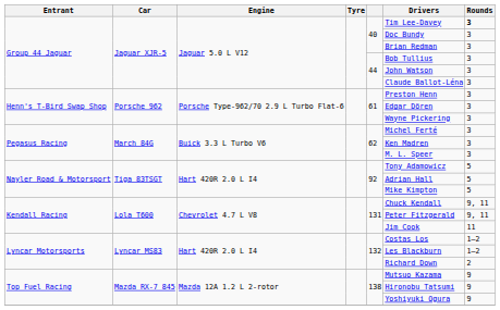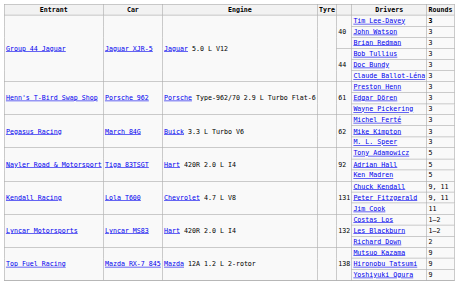 <table class="wikitable" style="font-size: 85%">
 <tr>
 <th>Entrant</th>
 <th>Car</th>
 <th>Engine</th>
 <th>Tyre</th>
 <th></th>
 <th>Drivers</th>
 <th>Rounds</th>
 </tr>
 <tr>
 <td rowspan=6> <a href='#'>Group 44 Jaguar</a></td>
 <td rowspan=6><a href='#'>Jaguar XJR-5</a></td>
 <td rowspan=6><a href='#'>Jaguar</a> 5.0 L V12</td>
 <td rowspan=6></td>
 <td rowspan=3>40</td>
 <td> <a href='#'>Tim Lee-Davey</a></td>
 <td><strong>3</strong></td>
 </tr>
 <tr>
-<td> <a href='#'>Doc Bundy</a></td>
+<td> <a href='#'>John Watson</a></td>
 <td>3</td>
 </tr>
 <tr>
 <td> <a href='#'>Brian Redman</a></td>
 <td>3</td>
 </tr>
 <tr>
 <td rowspan=3>44</td>
 <td> <a href='#'>Bob Tullius</a></td>
 <td>3</td>
 </tr>
 <tr>
-<td> <a href='#'>John Watson</a></td>
+<td> <a href='#'>Doc Bundy</a></td>
 <td>3</td>
 </tr>
 <tr>
 <td> <a href='#'>Claude Ballot-Léna</a></td>
 <td>3</td>
 </tr>
 <tr>
 <td rowspan=3> <a href='#'>Henn's T-Bird Swap Shop</a></td>
 <td rowspan=3><a href='#'>Porsche 962</a></td>
 <td rowspan=3><a href='#'>Porsche</a> Type-962/70 2.9 L Turbo Flat-6</td>
 <td rowspan=3></td>
 <td rowspan=3>61</td>
 <td> <a href='#'>Preston Henn</a></td>
 <td>3</td>
 </tr>
 <tr>
 <td> <a href='#'>Edgar Dören</a></td>
 <td>3</td>
 </tr>
 <tr>
 <td> <a href='#'>Wayne Pickering</a></td>
 <td>3</td>
 </tr>
 <tr>
 <td rowspan=3> <a href='#'>Pegasus Racing</a></td>
 <td rowspan=3><a href='#'>March 84G</a></td>
 <td rowspan=3><a href='#'>Buick</a> 3.3 L Turbo V6</td>
 <td rowspan=3></td>
 <td rowspan=3>62</td>
 <td> <a href='#'>Michel Ferté</a></td>
 <td>3</td>
 </tr>
 <tr>
-<td> <a href='#'>Ken Madren</a></td>
+<td> <a href='#'>Mike Kimpton</a></td>
 <td>3</td>
 </tr>
 <tr>
 <td> <a href='#'>M. L. Speer</a></td>
 <td>3</td>
 </tr>
 <tr>
 <td rowspan=3> <a href='#'>Nayler Road & Motorsport</a></td>
 <td rowspan=3><a href='#'>Tiga 83TSGT</a></td>
 <td rowspan=3><a href='#'>Hart</a> 420R 2.0 L I4</td>
 <td rowspan=3></td>
 <td rowspan=3>92</td>
 <td> <a href='#'>Tony Adamowicz</a></td>
 <td>5</td>
 </tr>
 <tr>
 <td> <a href='#'>Adrian Hall</a></td>
 <td>5</td>
 </tr>
 <tr>
-<td> <a href='#'>Mike Kimpton</a></td>
+<td> <a href='#'>Ken Madren</a></td>
 <td>5</td>
 </tr>
 <tr>
 <td rowspan=3> <a href='#'>Kendall Racing</a></td>
 <td rowspan=3><a href='#'>Lola T600</a></td>
 <td rowspan=3><a href='#'>Chevrolet</a> 4.7 L V8</td>
 <td rowspan=3></td>
 <td rowspan=3>131</td>
 <td> <a href='#'>Chuck Kendall</a></td>
 <td>9, 11</td>
 </tr>
 <tr>
 <td> <a href='#'>Peter Fitzgerald</a></td>
 <td>9, 11</td>
 </tr>
 <tr>
 <td> <a href='#'>Jim Cook</a></td>
 <td>11</td>
 </tr>
 <tr>
 <td rowspan=3> <a href='#'>Lyncar Motorsports</a></td>
 <td rowspan=3><a href='#'>Lyncar MS83</a></td>
 <td rowspan=3><a href='#'>Hart</a> 420R 2.0 L I4</td>
 <td rowspan=3></td>
 <td rowspan=3>132</td>
 <td> <a href='#'>Costas Los</a></td>
 <td>1–2</td>
 </tr>
 <tr>
 <td> <a href='#'>Les Blackburn</a></td>
 <td>1–2</td>
 </tr>
 <tr>
 <td> <a href='#'>Richard Down</a></td>
 <td>2</td>
 </tr>
 <tr>
 <td rowspan=3> <a href='#'>Top Fuel Racing</a></td>
 <td rowspan=3><a href='#'>Mazda RX-7 845</a></td>
 <td rowspan=3><a href='#'>Mazda</a> 12A 1.2 L 2-rotor</td>
 <td rowspan=3></td>
 <td rowspan=3>138</td>
 <td> <a href='#'>Mutsuo Kazama</a></td>
 <td>9</td>
 </tr>
 <tr>
 <td> <a href='#'>Hironobu Tatsumi</a></td>
 <td>9</td>
 </tr>
 <tr>
 <td> <a href='#'>Yoshiyuki Ogura</a></td>
 <td>9</td>
 </tr>
 <tr>
 </tr>
 </table>
